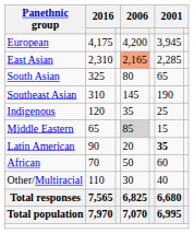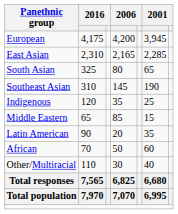 <table class="wikitable sortable">
 <tr>
 <th rowspan="2"><a href='#'>Panethnic</a><br>group</th>
 <th colspan="2">2016</th>
 <th colspan="2">2006</th>
 <th colspan="2">2001</th>
 </tr>
 <tr>
 <th><a href='#'></a></th>
 <th></th>
 <th></th>
 <th></th>
 <th></th>
 <th></th>
 </tr>
 <tr>
 <td><a href='#'>European</a></td>
 <td>4,175</td>
 <td></td>
 <td>4,200</td>
 <td></td>
 <td>3,945</td>
 <td></td>
 </tr>
 <tr>
 <td><a href='#'>East Asian</a></td>
 <td>2,310</td>
 <td></td>
-<td style="background: lightsalmon;">2,165</td>
+<td>2,165</td>
 <td></td>
 <td>2,285</td>
 <td></td>
 </tr>
 <tr>
 <td><a href='#'>South Asian</a></td>
 <td>325</td>
 <td></td>
 <td>80</td>
 <td></td>
 <td>65</td>
 <td></td>
 </tr>
 <tr>
 <td><a href='#'>Southeast Asian</a></td>
 <td>310</td>
 <td></td>
 <td>145</td>
 <td></td>
 <td>190</td>
 <td></td>
 </tr>
 <tr>
 <td><a href='#'>Indigenous</a></td>
 <td>120</td>
 <td></td>
 <td>35</td>
 <td></td>
 <td>25</td>
 <td></td>
 </tr>
 <tr>
 <td><a href='#'>Middle Eastern</a></td>
 <td>65</td>
 <td></td>
-<td style="background: lightgrey;">85</td>
+<td>85</td>
 <td></td>
 <td>15</td>
 <td></td>
 </tr>
 <tr>
 <td><a href='#'>Latin American</a></td>
 <td>90</td>
 <td></td>
 <td>20</td>
 <td></td>
-<td><strong>35</strong></td>
+<td>35</td>
 <td></td>
 </tr>
 <tr>
 <td><a href='#'>African</a></td>
 <td>70</td>
 <td></td>
 <td>50</td>
 <td></td>
 <td>60</td>
 <td></td>
 </tr>
 <tr>
 <td>Other/<a href='#'>Multiracial</a></td>
 <td>110</td>
 <td></td>
 <td>30</td>
 <td></td>
 <td>40</td>
 <td></td>
 </tr>
 <tr>
 <th>Total responses</th>
 <th>7,565</th>
 <th></th>
 <th>6,825</th>
 <th></th>
 <th>6,680</th>
 <th></th>
 </tr>
 <tr>
 <th>Total population</th>
 <th>7,970</th>
 <th></th>
 <th>7,070</th>
 <th></th>
 <th>6,995</th>
 <th></th>
 </tr>
 <tr class="sortbottom">
 <td colspan="10"></td>
 </tr>
 </table>
